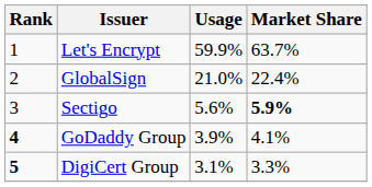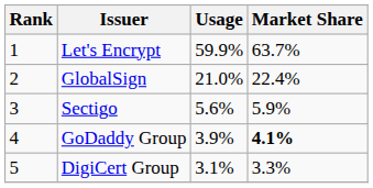 <table class="wikitable">
 <tr>
 <th>Rank</th>
 <th>Issuer</th>
 <th>Usage</th>
 <th>Market Share</th>
 </tr>
 <tr>
 <td>1</td>
 <td><a href='#'>Let's Encrypt</a></td>
 <td>59.9%</td>
 <td>63.7%</td>
 </tr>
 <tr>
 <td>2</td>
 <td><a href='#'>GlobalSign</a></td>
 <td>21.0%</td>
 <td>22.4%</td>
 </tr>
 <tr>
 <td>3</td>
 <td><a href='#'>Sectigo</a></td>
 <td>5.6%</td>
-<td><strong>5.9%</strong></td>
+<td>5.9%</td>
 </tr>
 <tr>
-<td><strong>4</strong></td>
+<td>4</td>
 <td><a href='#'>GoDaddy</a> Group</td>
 <td>3.9%</td>
-<td>4.1%</td>
+<td><strong>4.1%</strong></td>
 </tr>
 <tr>
-<td><strong>5</strong></td>
+<td>5</td>
 <td><a href='#'>DigiCert</a> Group</td>
 <td>3.1%</td>
 <td>3.3%</td>
 </tr>
 <tr>
 </tr>
 </table>
